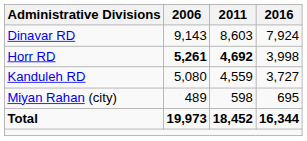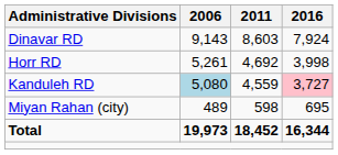 <table class="wikitable">
 <tr>
 <th>Administrative Divisions</th>
 <th>2006</th>
 <th>2011</th>
 <th>2016</th>
 </tr>
 <tr>
 <td><a href='#'>Dinavar RD</a></td>
 <td style="text-align: right;">9,143</td>
 <td style="text-align: right;">8,603</td>
 <td style="text-align: right;">7,924</td>
 </tr>
 <tr>
 <td><a href='#'>Horr RD</a></td>
-<td style="text-align: right;"><strong>5,261</strong></td>
-<td style="text-align: right;"><strong>4,692</strong></td>
+<td style="text-align: right;">5,261</td>
+<td style="text-align: right;">4,692</td>
 <td style="text-align: right;">3,998</td>
 </tr>
 <tr>
 <td><a href='#'>Kanduleh RD</a></td>
-<td style="text-align: right;">5,080</td>
+<td style="background: lightblue; text-align: right;">5,080</td>
 <td style="text-align: right;">4,559</td>
-<td style="text-align: right;">3,727</td>
+<td style="background: pink; text-align: right;">3,727</td>
 </tr>
 <tr>
 <td><a href='#'>Miyan Rahan</a> (city)</td>
 <td style="text-align: right;">489</td>
 <td style="text-align: right;">598</td>
 <td style="text-align: right;">695</td>
 </tr>
 <tr>
 <td><strong>Total</strong></td>
 <td style="text-align: right;"><strong>19,973</strong></td>
 <td style="text-align: right;"><strong>18,452</strong></td>
 <td style="text-align: right;"><strong>16,344</strong></td>
 </tr>
 <tr>
 <td colspan=4></td>
 </tr>
 </table>
